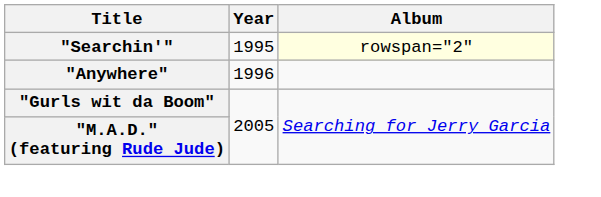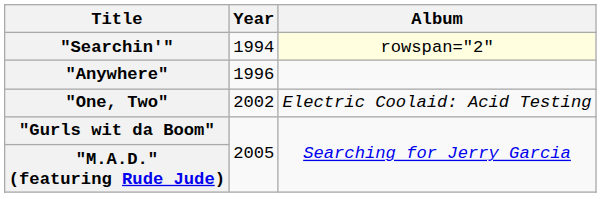 <table class="wikitable plainrowheaders" style="text-align:center;">
 <tr>
 <th>Title</th>
 <th>Year</th>
 <th>Album</th>
 </tr>
 <tr>
 <th scope="row">"Searchin'"</th>
-<td>1995</td>
+<td>1994</td>
 <td style="background: lightyellow;">rowspan="2" </td>
 </tr>
 <tr>
 <th scope="row">"Anywhere"</th>
 <td>1996</td>
+</tr>
+<tr>
+<th scope="row">"One, Two"</th>
+<td>2002</td>
+<td><em>Electric Coolaid: Acid Testing</em></td>
 </tr>
 <tr>
 <th scope="row">"Gurls wit da Boom"</th>
 <td rowspan="2">2005</td>
 <td rowspan="2"><em><a href='#'>Searching for Jerry Garcia</a></em></td>
 </tr>
 <tr>
 <th scope="row">"M.A.D."<br>(featuring <a href='#'>Rude Jude</a>)</th>
 </tr>
 </table>
